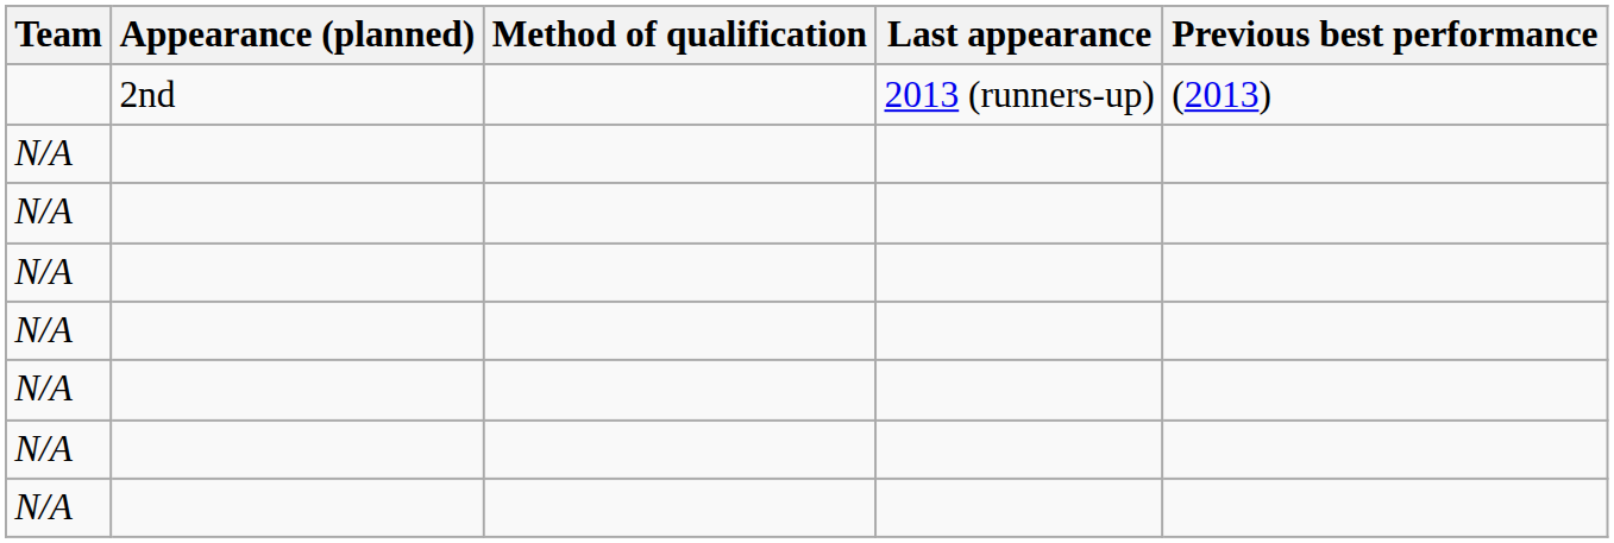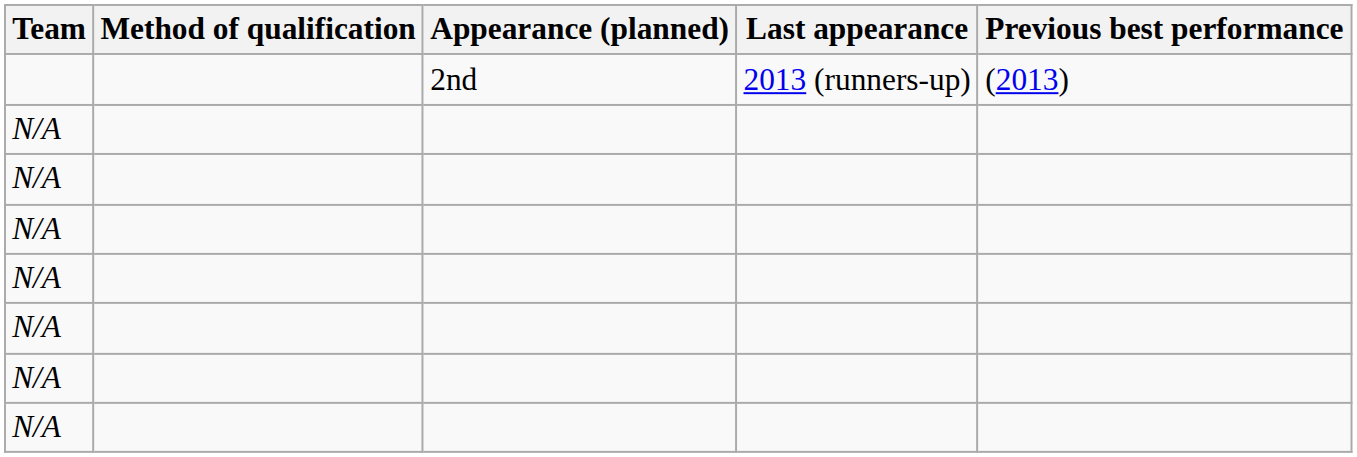 <table class="wikitable sortable">
 <tr>
 <th>Team</th>
+<th>Method of qualification</th>
 <th data-sort-type="number">Appearance (planned)</th>
-<th>Method of qualification</th>
 <th>Last appearance</th>
 <th>Previous best performance</th>
 </tr>
 <tr>
 <td></td>
+<td></td>
 <td>2nd</td>
-<td></td>
 <td><a href='#'>2013</a> (runners-up)</td>
 <td> (<a href='#'>2013</a>)</td>
 </tr>
 <tr>
 <td><em>N/A</em></td>
 <td></td>
 <td></td>
 <td></td>
 <td></td>
 </tr>
 <tr>
 <td><em>N/A</em></td>
 <td></td>
 <td></td>
 <td></td>
 <td></td>
 </tr>
 <tr>
 <td><em>N/A</em></td>
 <td></td>
 <td></td>
 <td></td>
 <td></td>
 </tr>
 <tr>
 <td><em>N/A</em></td>
 <td></td>
 <td></td>
 <td></td>
 <td></td>
 </tr>
 <tr>
 <td><em>N/A</em></td>
 <td></td>
 <td></td>
 <td></td>
 <td></td>
 </tr>
 <tr>
 <td><em>N/A</em></td>
 <td></td>
 <td></td>
 <td></td>
 <td></td>
 </tr>
 <tr>
 <td><em>N/A</em></td>
 <td></td>
 <td></td>
 <td></td>
 <td></td>
 </tr>
 </table>
